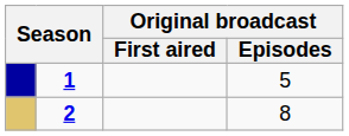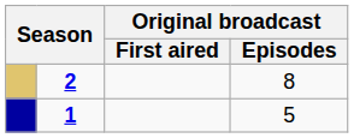 <table class="wikitable" style="text-align:center">
 <tr>
 <th style="padding: 0 8px" colspan="2" rowspan="2">Season</th>
 <th colspan="2">Original broadcast</th>
 </tr>
 <tr>
 <th style="padding: 0 8px">First aired</th>
 <th style="padding: 0 8px">Episodes</th>
 </tr>
 <tr>
+<td style="background:#E0C56E"></td>
+<td align="center"><strong><a href='#'>2</a></strong></td>
+<td align="center"></td>
+<td>8</td>
+</tr>
+<tr>
 <td style="background:#0000A0"></td>
 <td align="center"><strong><a href='#'>1</a></strong></td>
 <td align="center"></td>
 <td>5</td>
 </tr>
-<tr>
-<td style="background:#E0C56E"></td>
-<td align="center"><strong><a href='#'>2</a></strong></td>
-<td align="center"></td>
-<td>8</td>
-</tr>
 </table>
